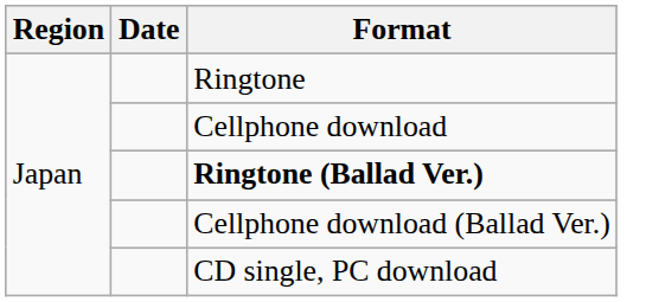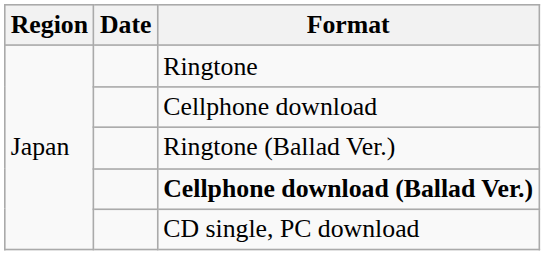 <table class="wikitable">
 <tr>
 <th>Region</th>
 <th>Date</th>
 <th>Format</th>
 </tr>
 <tr>
 <td rowspan="5">Japan</td>
 <td></td>
 <td>Ringtone</td>
 </tr>
 <tr>
 <td></td>
 <td>Cellphone download</td>
 </tr>
 <tr>
 <td></td>
-<td><strong>Ringtone (Ballad Ver.)</strong></td>
+<td>Ringtone (Ballad Ver.)</td>
 </tr>
 <tr>
 <td></td>
-<td>Cellphone download (Ballad Ver.)</td>
+<td><strong>Cellphone download (Ballad Ver.)</strong></td>
 </tr>
 <tr>
 <td></td>
 <td>CD single, PC download</td>
 </tr>
 </table>
